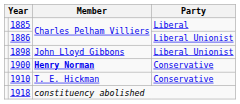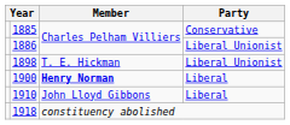 <table class="wikitable">
 <tr>
 <th colspan="2">Year</th>
 <th>Member</th>
 <th>Party</th>
 </tr>
 <tr>
 <td style="color:inherit;background-color: "></td>
 <td><a href='#'>1885</a></td>
 <td rowspan="2"><a href='#'>Charles Pelham Villiers</a></td>
-<td><a href='#'>Liberal</a></td>
+<td><a href='#'>Conservative</a></td>
 </tr>
 <tr>
 <td style="color:inherit;background-color: "></td>
 <td><a href='#'>1886</a></td>
 <td><a href='#'>Liberal Unionist</a></td>
 </tr>
 <tr>
 <td style="color:inherit;background-color: "></td>
 <td><a href='#'>1898</a></td>
-<td><a href='#'>John Lloyd Gibbons</a></td>
+<td><a href='#'>T. E. Hickman</a></td>
 <td><a href='#'>Liberal Unionist</a></td>
 </tr>
 <tr>
 <td style="color:inherit;background-color: "></td>
 <td><a href='#'>1900</a></td>
 <td><strong><a href='#'>Henry Norman</a></strong></td>
-<td><a href='#'>Conservative</a></td>
+<td><a href='#'>Liberal</a></td>
 </tr>
 <tr>
 <td style="color:inherit;background-color: "></td>
 <td><a href='#'>1910</a></td>
-<td><a href='#'>T. E. Hickman</a></td>
-<td><a href='#'>Conservative</a></td>
+<td><a href='#'>John Lloyd Gibbons</a></td>
+<td><a href='#'>Liberal</a></td>
 </tr>
 <tr>
 <td></td>
 <td><a href='#'>1918</a></td>
 <td colspan="2"><em>constituency abolished</em></td>
 </tr>
 </table>
